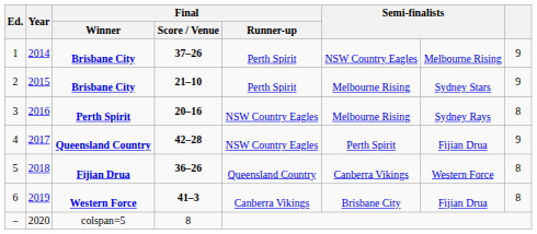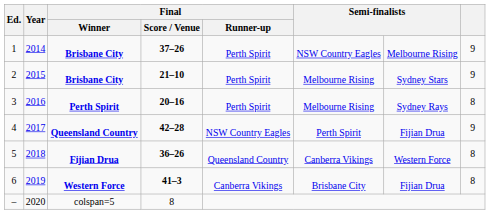 <table class="wikitable" style="text-align:center;width:%; font-size:%;">
 <tr>
 <th rowspan=2>Ed.</th>
 <th rowspan=2 style="width:5%;">Year</th>
 <th colspan=3>Final</th>
 <th colspan=2 style="border-bottom:1px solid transparent;">Semi-finalists</th>
 <th rowspan=2 style="width:5%;"></th>
 </tr>
 <tr>
 <th style="width:%;">Winner</th>
 <th style="width:%;">Score / Venue</th>
 <th style="width:%;">Runner-up</th>
 <th style="width:%; border-right:1px solid transparent;"></th>
 <th style="width:%; border-left:1px solid transparent;"></th>
 </tr>
 <tr>
 <td>1</td>
 <td><a href='#'>2014</a></td>
 <td><br> <strong><a href='#'>Brisbane City</a></strong></td>
 <td><strong>37–26</strong><br></td>
 <td><br><a href='#'>Perth Spirit</a></td>
 <td><br><a href='#'>NSW Country Eagles</a></td>
 <td><br><a href='#'>Melbourne Rising</a></td>
 <td>9</td>
 </tr>
 <tr>
 <td>2</td>
 <td><a href='#'>2015</a></td>
 <td><br><strong><a href='#'>Brisbane City</a></strong></td>
 <td><strong>21–10</strong><br></td>
 <td><br><a href='#'>Perth Spirit</a></td>
 <td><br><a href='#'>Melbourne Rising</a></td>
 <td><br><a href='#'>Sydney Stars</a></td>
 <td>9</td>
 </tr>
 <tr>
 <td>3</td>
 <td><a href='#'>2016</a></td>
 <td><br><strong><a href='#'>Perth Spirit</a></strong></td>
 <td><strong>20–16</strong><br></td>
-<td><br><a href='#'>NSW Country Eagles</a></td>
+<td><br><a href='#'>Perth Spirit</a></td>
 <td><br><a href='#'>Melbourne Rising</a></td>
 <td><br><a href='#'>Sydney Rays</a></td>
 <td>8</td>
 </tr>
 <tr>
 <td>4</td>
 <td><a href='#'>2017</a></td>
 <td><br><strong><a href='#'>Queensland Country</a></strong></td>
 <td><strong>42–28</strong><br></td>
 <td><br><a href='#'>NSW Country Eagles</a></td>
 <td><br><a href='#'>Perth Spirit</a></td>
 <td><br><a href='#'>Fijian Drua</a></td>
 <td>9</td>
 </tr>
 <tr>
 <td>5</td>
 <td><a href='#'>2018</a></td>
 <td><br><strong><a href='#'>Fijian Drua</a></strong></td>
 <td><strong>36–26</strong><br></td>
 <td><br><a href='#'>Queensland Country</a></td>
 <td><br><a href='#'>Canberra Vikings</a></td>
 <td><br><a href='#'>Western Force</a></td>
 <td>8</td>
 </tr>
 <tr>
 <td>6</td>
 <td><a href='#'>2019</a></td>
 <td><br><strong><a href='#'>Western Force</a></strong></td>
 <td><strong>41–3</strong><br></td>
 <td><br><a href='#'>Canberra Vikings</a></td>
 <td><br><a href='#'>Brisbane City</a></td>
 <td><br><a href='#'>Fijian Drua</a></td>
 <td>8</td>
 </tr>
 <tr>
 <td>–</td>
 <td>2020</td>
 <td>colspan=5 </td>
 <td>8</td>
 </tr>
 </table>
